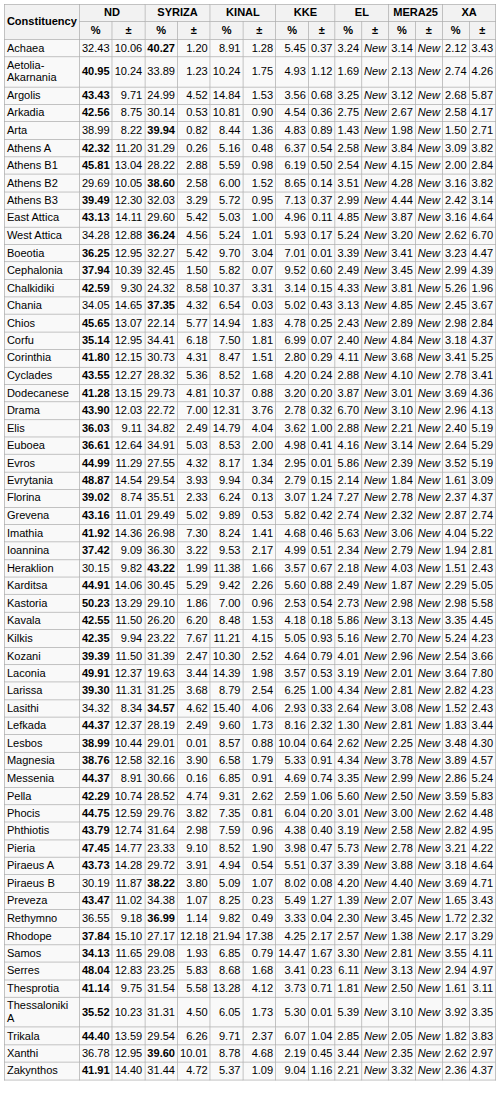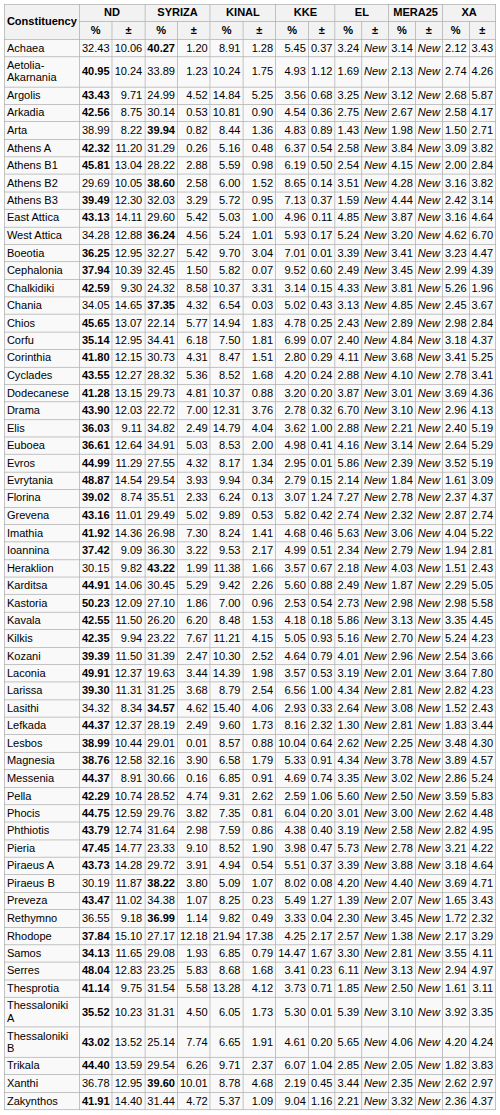 <table class="wikitable sortable" style=text-align:right>
 <tr>
 <th ! rowspan="2">Constituency</th>
 <th colspan="2">ND</th>
 <th colspan="2">SYRIZA</th>
 <th colspan="2">KINAL</th>
 <th colspan="2">KKE</th>
 <th colspan="2">EL</th>
 <th colspan="2">MERA25</th>
 <th colspan="2">XA</th>
 </tr>
 <tr>
 <th>%</th>
 <th>±</th>
 <th>%</th>
 <th>±</th>
 <th>%</th>
 <th>±</th>
 <th>%</th>
 <th>±</th>
 <th>%</th>
 <th>±</th>
 <th>%</th>
 <th>±</th>
 <th>%</th>
 <th>±</th>
 </tr>
 <tr>
 <td align="left">Achaea</td>
 <td>32.43</td>
 <td> 10.06</td>
 <td style="background:"><strong>40.27</strong></td>
 <td> 1.20</td>
 <td>8.91</td>
 <td> 1.28</td>
 <td>5.45</td>
 <td> 0.37</td>
 <td>3.24</td>
 <td><em>New</em></td>
 <td>3.14</td>
 <td><em>New</em></td>
 <td>2.12</td>
 <td> 3.43</td>
 </tr>
 <tr>
 <td align="left">Aetolia-Akarnania</td>
 <td style="background:"><strong>40.95</strong></td>
 <td> 10.24</td>
 <td>33.89</td>
 <td> 1.23</td>
 <td>10.24</td>
 <td> 1.75</td>
 <td>4.93</td>
 <td> 1.12</td>
 <td>1.69</td>
 <td><em>New</em></td>
 <td>2.13</td>
 <td><em>New</em></td>
 <td>2.74</td>
 <td> 4.26</td>
 </tr>
 <tr>
 <td align="left">Argolis</td>
 <td style="background:"><strong>43.43</strong></td>
 <td> 9.71</td>
 <td>24.99</td>
 <td> 4.52</td>
 <td>14.84</td>
-<td> 1.53</td>
+<td> 5.25</td>
 <td>3.56</td>
 <td> 0.68</td>
 <td>3.25</td>
 <td><em>New</em></td>
 <td>3.12</td>
 <td><em>New</em></td>
 <td>2.68</td>
 <td> 5.87</td>
 </tr>
 <tr>
 <td align="left">Arkadia</td>
 <td style="background:"><strong>42.56</strong></td>
 <td> 8.75</td>
 <td>30.14</td>
 <td> 0.53</td>
 <td>10.81</td>
 <td> 0.90</td>
 <td>4.54</td>
 <td> 0.36</td>
 <td>2.75</td>
 <td><em>New</em></td>
 <td>2.67</td>
 <td><em>New</em></td>
 <td>2.58</td>
 <td> 4.17</td>
 </tr>
 <tr>
 <td align="left">Arta</td>
 <td>38.99</td>
 <td> 8.22</td>
 <td style="background:"><strong>39.94</strong></td>
 <td> 0.82</td>
 <td>8.44</td>
 <td> 1.36</td>
 <td>4.83</td>
 <td> 0.89</td>
 <td>1.43</td>
 <td><em>New</em></td>
 <td>1.98</td>
 <td><em>New</em></td>
 <td>1.50</td>
 <td> 2.71</td>
 </tr>
 <tr>
 <td align="left">Athens A</td>
 <td style="background:"><strong>42.32</strong></td>
 <td> 11.20</td>
 <td>31.29</td>
 <td> 0.26</td>
 <td>5.16</td>
 <td> 0.48</td>
 <td>6.37</td>
 <td> 0.54</td>
 <td>2.58</td>
 <td><em>New</em></td>
 <td>3.84</td>
 <td><em>New</em></td>
 <td>3.09</td>
 <td> 3.82</td>
 </tr>
 <tr>
 <td align="left">Athens B1</td>
 <td style="background:"><strong>45.81</strong></td>
 <td> 13.04</td>
 <td>28.22</td>
 <td> 2.88</td>
 <td>5.59</td>
 <td> 0.98</td>
 <td>6.19</td>
 <td> 0.50</td>
 <td>2.54</td>
 <td><em>New</em></td>
 <td>4.15</td>
 <td><em>New</em></td>
 <td>2.00</td>
 <td> 2.84</td>
 </tr>
 <tr>
 <td align="left">Athens B2</td>
 <td>29.69</td>
 <td> 10.05</td>
 <td style="background:"><strong>38.60</strong></td>
 <td> 2.58</td>
 <td>6.00</td>
 <td> 1.52</td>
 <td>8.65</td>
 <td> 0.14</td>
 <td>3.51</td>
 <td><em>New</em></td>
 <td>4.28</td>
 <td><em>New</em></td>
 <td>3.16</td>
 <td> 3.82</td>
 </tr>
 <tr>
 <td align="left">Athens B3</td>
 <td style="background:"><strong>39.49</strong></td>
 <td> 12.30</td>
 <td>32.03</td>
 <td> 3.29</td>
 <td>5.72</td>
 <td> 0.95</td>
 <td>7.13</td>
 <td> 0.37</td>
-<td>2.99</td>
+<td>1.59</td>
 <td><em>New</em></td>
 <td>4.44</td>
 <td><em>New</em></td>
 <td>2.42</td>
 <td> 3.14</td>
 </tr>
 <tr>
 <td align="left">East Attica</td>
 <td style="background:"><strong>43.13</strong></td>
 <td> 14.11</td>
 <td>29.60</td>
 <td> 5.42</td>
 <td>5.03</td>
 <td> 1.00</td>
 <td>4.96</td>
 <td> 0.11</td>
 <td>4.85</td>
 <td><em>New</em></td>
 <td>3.87</td>
 <td><em>New</em></td>
 <td>3.16</td>
 <td> 4.64</td>
 </tr>
 <tr>
 <td align="left">West Attica</td>
 <td>34.28</td>
 <td> 12.88</td>
 <td style="background:"><strong>36.24</strong></td>
 <td> 4.56</td>
 <td>5.24</td>
 <td> 1.01</td>
 <td>5.93</td>
 <td> 0.17</td>
 <td>5.24</td>
 <td><em>New</em></td>
 <td>3.20</td>
 <td><em>New</em></td>
-<td>2.62</td>
+<td>4.62</td>
 <td> 6.70</td>
 </tr>
 <tr>
 <td align="left">Boeotia</td>
 <td style="background:"><strong>36.25</strong></td>
 <td> 12.95</td>
 <td>32.27</td>
 <td> 5.42</td>
 <td>9.70</td>
 <td> 3.04</td>
 <td>7.01</td>
 <td> 0.01</td>
 <td>3.39</td>
 <td><em>New</em></td>
 <td>3.41</td>
 <td><em>New</em></td>
 <td>3.23</td>
 <td> 4.47</td>
 </tr>
 <tr>
 <td align="left">Cephalonia</td>
 <td style="background:"><strong>37.94</strong></td>
 <td> 10.39</td>
 <td>32.45</td>
 <td> 1.50</td>
 <td>5.82</td>
 <td> 0.07</td>
 <td>9.52</td>
 <td> 0.60</td>
 <td>2.49</td>
 <td><em>New</em></td>
 <td>3.45</td>
 <td><em>New</em></td>
 <td>2.99</td>
 <td> 4.39</td>
 </tr>
 <tr>
 <td align="left">Chalkidiki</td>
 <td style="background:"><strong>42.59</strong></td>
 <td> 9.30</td>
 <td>24.32</td>
 <td> 8.58</td>
 <td>10.37</td>
 <td> 3.31</td>
 <td>3.14</td>
 <td> 0.15</td>
 <td>4.33</td>
 <td><em>New</em></td>
 <td>3.81</td>
 <td><em>New</em></td>
 <td>5.26</td>
 <td> 1.96</td>
 </tr>
 <tr>
 <td align="left">Chania</td>
 <td>34.05</td>
 <td> 14.65</td>
 <td style="background:"><strong>37.35</strong></td>
 <td> 4.32</td>
 <td>6.54</td>
 <td> 0.03</td>
 <td>5.02</td>
 <td> 0.43</td>
 <td>3.13</td>
 <td><em>New</em></td>
 <td>4.85</td>
 <td><em>New</em></td>
 <td>2.45</td>
 <td> 3.67</td>
 </tr>
 <tr>
 <td align="left">Chios</td>
 <td style="background:"><strong>45.65</strong></td>
 <td> 13.07</td>
 <td>22.14</td>
 <td> 5.77</td>
 <td>14.94</td>
 <td> 1.83</td>
 <td>4.78</td>
 <td> 0.25</td>
 <td>2.43</td>
 <td><em>New</em></td>
 <td>2.89</td>
 <td><em>New</em></td>
 <td>2.98</td>
 <td> 2.84</td>
 </tr>
 <tr>
 <td align="left">Corfu</td>
 <td style="background:"><strong>35.14</strong></td>
 <td> 12.95</td>
 <td>34.41</td>
 <td> 6.18</td>
 <td>7.50</td>
 <td> 1.81</td>
 <td>6.99</td>
 <td> 0.07</td>
 <td>2.40</td>
 <td><em>New</em></td>
 <td>4.84</td>
 <td><em>New</em></td>
 <td>3.18</td>
 <td> 4.37</td>
 </tr>
 <tr>
 <td align="left">Corinthia</td>
 <td style="background:"><strong>41.80</strong></td>
 <td> 12.15</td>
 <td>30.73</td>
 <td> 4.31</td>
 <td>8.47</td>
 <td> 1.51</td>
 <td>2.80</td>
 <td> 0.29</td>
 <td>4.11</td>
 <td><em>New</em></td>
 <td>3.68</td>
 <td><em>New</em></td>
 <td>3.41</td>
 <td> 5.25</td>
 </tr>
 <tr>
 <td align="left">Cyclades</td>
 <td style="background:"><strong>43.55</strong></td>
 <td> 12.27</td>
 <td>28.32</td>
 <td> 5.36</td>
 <td>8.52</td>
 <td> 1.68</td>
 <td>4.20</td>
 <td> 0.24</td>
 <td>2.88</td>
 <td><em>New</em></td>
 <td>4.10</td>
 <td><em>New</em></td>
 <td>2.78</td>
 <td> 3.41</td>
 </tr>
 <tr>
 <td align="left">Dodecanese</td>
 <td style="background:"><strong>41.28</strong></td>
 <td> 13.15</td>
 <td>29.73</td>
 <td> 4.81</td>
 <td>10.37</td>
 <td> 0.88</td>
 <td>3.20</td>
 <td> 0.20</td>
 <td>3.87</td>
 <td><em>New</em></td>
 <td>3.01</td>
 <td><em>New</em></td>
 <td>3.69</td>
 <td> 4.36</td>
 </tr>
 <tr>
 <td align="left">Drama</td>
 <td style="background:"><strong>43.90</strong></td>
 <td> 12.03</td>
 <td>22.72</td>
 <td> 7.00</td>
 <td>12.31</td>
 <td> 3.76</td>
 <td>2.78</td>
 <td> 0.32</td>
 <td>6.70</td>
 <td><em>New</em></td>
 <td>3.10</td>
 <td><em>New</em></td>
 <td>2.96</td>
 <td> 4.13</td>
 </tr>
 <tr>
 <td align="left">Elis</td>
 <td style="background:"><strong>36.03</strong></td>
 <td> 9.11</td>
 <td>34.82</td>
 <td> 2.49</td>
 <td>14.79</td>
 <td> 4.04</td>
 <td>3.62</td>
 <td> 1.00</td>
 <td>2.88</td>
 <td><em>New</em></td>
 <td>2.21</td>
 <td><em>New</em></td>
 <td>2.40</td>
 <td> 5.19</td>
 </tr>
 <tr>
 <td align="left">Euboea</td>
 <td style="background:"><strong>36.61</strong></td>
 <td> 12.64</td>
 <td>34.91</td>
 <td> 5.03</td>
 <td>8.53</td>
 <td> 2.00</td>
 <td>4.98</td>
 <td> 0.41</td>
 <td>4.16</td>
 <td><em>New</em></td>
 <td>3.14</td>
 <td><em>New</em></td>
 <td>2.64</td>
 <td> 5.29</td>
 </tr>
 <tr>
 <td align="left">Evros</td>
 <td style="background:"><strong>44.99</strong></td>
 <td> 11.29</td>
 <td>27.55</td>
 <td> 4.32</td>
 <td>8.17</td>
 <td> 1.34</td>
 <td>2.95</td>
 <td> 0.01</td>
 <td>5.86</td>
 <td><em>New</em></td>
 <td>2.39</td>
 <td><em>New</em></td>
 <td>3.52</td>
 <td> 5.19</td>
 </tr>
 <tr>
 <td align="left">Evrytania</td>
 <td style="background:"><strong>48.87</strong></td>
 <td> 14.54</td>
 <td>29.54</td>
 <td> 3.93</td>
 <td>9.94</td>
 <td> 0.34</td>
 <td>2.79</td>
 <td> 0.15</td>
 <td>2.14</td>
 <td><em>New</em></td>
 <td>1.84</td>
 <td><em>New</em></td>
 <td>1.61</td>
 <td> 3.09</td>
 </tr>
 <tr>
 <td align="left">Florina</td>
 <td style="background:"><strong>39.02</strong></td>
 <td> 8.74</td>
 <td>35.51</td>
 <td> 2.33</td>
 <td>6.24</td>
 <td> 0.13</td>
 <td>3.07</td>
 <td> 1.24</td>
 <td>7.27</td>
 <td><em>New</em></td>
 <td>2.78</td>
 <td><em>New</em></td>
 <td>2.37</td>
 <td> 4.37</td>
 </tr>
 <tr>
 <td align="left">Grevena</td>
 <td style="background:"><strong>43.16</strong></td>
 <td> 11.01</td>
 <td>29.49</td>
 <td> 5.02</td>
 <td>9.89</td>
 <td> 0.53</td>
 <td>5.82</td>
 <td> 0.42</td>
 <td>2.74</td>
 <td><em>New</em></td>
 <td>2.32</td>
 <td><em>New</em></td>
 <td>2.87</td>
 <td> 2.74</td>
 </tr>
 <tr>
 <td align="left">Imathia</td>
 <td style="background:"><strong>41.92</strong></td>
 <td> 14.36</td>
 <td>26.98</td>
 <td> 7.30</td>
 <td>8.24</td>
 <td> 1.41</td>
 <td>4.68</td>
 <td> 0.46</td>
 <td>5.63</td>
 <td><em>New</em></td>
 <td>3.06</td>
 <td><em>New</em></td>
 <td>4.04</td>
 <td> 5.22</td>
 </tr>
 <tr>
 <td align="left">Ioannina</td>
 <td style="background:"><strong>37.42</strong></td>
 <td> 9.09</td>
 <td>36.30</td>
 <td> 3.22</td>
 <td>9.53</td>
 <td> 2.17</td>
 <td>4.99</td>
 <td> 0.51</td>
 <td>2.34</td>
 <td><em>New</em></td>
 <td>2.79</td>
 <td><em>New</em></td>
 <td>1.94</td>
 <td> 2.81</td>
 </tr>
 <tr>
 <td align="left">Heraklion</td>
 <td>30.15</td>
 <td> 9.82</td>
 <td style="background:"><strong>43.22</strong></td>
 <td> 1.99</td>
 <td>11.38</td>
 <td> 1.66</td>
 <td>3.57</td>
 <td> 0.67</td>
 <td>2.18</td>
 <td><em>New</em></td>
 <td>4.03</td>
 <td><em>New</em></td>
 <td>1.51</td>
 <td> 2.43</td>
 </tr>
 <tr>
 <td align="left">Karditsa</td>
 <td style="background:"><strong>44.91</strong></td>
 <td> 14.06</td>
 <td>30.45</td>
 <td> 5.29</td>
 <td>9.42</td>
 <td> 2.26</td>
 <td>5.60</td>
 <td> 0.88</td>
 <td>2.49</td>
 <td><em>New</em></td>
 <td>1.87</td>
 <td><em>New</em></td>
 <td>2.29</td>
 <td> 5.05</td>
 </tr>
 <tr>
 <td align="left">Kastoria</td>
 <td style="background:"><strong>50.23</strong></td>
-<td> 13.29</td>
-<td>29.10</td>
+<td> 12.09</td>
+<td>27.10</td>
 <td> 1.86</td>
 <td>7.00</td>
 <td> 0.96</td>
 <td>2.53</td>
 <td> 0.54</td>
 <td>2.73</td>
 <td><em>New</em></td>
 <td>2.98</td>
 <td><em>New</em></td>
 <td>2.98</td>
 <td> 5.58</td>
 </tr>
 <tr>
 <td align="left">Kavala</td>
 <td style="background:"><strong>42.55</strong></td>
 <td> 11.50</td>
 <td>26.20</td>
 <td> 6.20</td>
 <td>8.48</td>
 <td> 1.53</td>
 <td>4.18</td>
 <td> 0.18</td>
 <td>5.86</td>
 <td><em>New</em></td>
 <td>3.13</td>
 <td><em>New</em></td>
 <td>3.35</td>
 <td> 4.45</td>
 </tr>
 <tr>
 <td align="left">Kilkis</td>
 <td style="background:"><strong>42.35</strong></td>
 <td> 9.94</td>
 <td>23.22</td>
 <td> 7.67</td>
 <td>11.21</td>
 <td> 4.15</td>
 <td>5.05</td>
 <td> 0.93</td>
 <td>5.16</td>
 <td><em>New</em></td>
 <td>2.70</td>
 <td><em>New</em></td>
 <td>5.24</td>
 <td> 4.23</td>
 </tr>
 <tr>
 <td align="left">Kozani</td>
 <td style="background:"><strong>39.39</strong></td>
 <td> 11.50</td>
 <td>31.39</td>
 <td> 2.47</td>
 <td>10.30</td>
 <td> 2.52</td>
 <td>4.64</td>
 <td> 0.79</td>
 <td>4.01</td>
 <td><em>New</em></td>
 <td>2.96</td>
 <td><em>New</em></td>
 <td>2.54</td>
 <td> 3.66</td>
 </tr>
 <tr>
 <td align="left">Laconia</td>
 <td style="background:"><strong>49.91</strong></td>
 <td> 12.37</td>
 <td>19.63</td>
 <td> 3.44</td>
 <td>14.39</td>
 <td> 1.98</td>
 <td>3.57</td>
 <td> 0.53</td>
 <td>3.19</td>
 <td><em>New</em></td>
 <td>2.01</td>
 <td><em>New</em></td>
 <td>3.64</td>
 <td> 7.80</td>
 </tr>
 <tr>
 <td align="left">Larissa</td>
 <td style="background:"><strong>39.30</strong></td>
 <td> 11.31</td>
 <td>31.25</td>
 <td> 3.68</td>
 <td>8.79</td>
 <td> 2.54</td>
-<td>6.25</td>
+<td>6.56</td>
 <td> 1.00</td>
 <td>4.34</td>
 <td><em>New</em></td>
 <td>2.81</td>
 <td><em>New</em></td>
 <td>2.82</td>
 <td> 4.23</td>
 </tr>
 <tr>
 <td align="left">Lasithi</td>
 <td>34.32</td>
 <td> 8.34</td>
 <td style="background:"><strong>34.57</strong></td>
 <td> 4.62</td>
 <td>15.40</td>
 <td> 4.06</td>
 <td>2.93</td>
 <td> 0.33</td>
 <td>2.64</td>
 <td><em>New</em></td>
 <td>3.08</td>
 <td><em>New</em></td>
 <td>1.52</td>
 <td> 2.43</td>
 </tr>
 <tr>
 <td align="left">Lefkada</td>
 <td style="background:"><strong>44.37</strong></td>
 <td> 12.37</td>
 <td>28.19</td>
 <td> 2.49</td>
 <td>9.60</td>
 <td> 1.73</td>
 <td>8.16</td>
 <td> 2.32</td>
 <td>1.30</td>
 <td><em>New</em></td>
 <td>2.81</td>
 <td><em>New</em></td>
 <td>1.83</td>
 <td> 3.44</td>
 </tr>
 <tr>
 <td align="left">Lesbos</td>
 <td style="background:"><strong>38.99</strong></td>
 <td> 10.44</td>
 <td>29.01</td>
 <td> 0.01</td>
 <td>8.57</td>
 <td> 0.88</td>
 <td>10.04</td>
 <td> 0.64</td>
 <td>2.62</td>
 <td><em>New</em></td>
 <td>2.25</td>
 <td><em>New</em></td>
 <td>3.48</td>
 <td> 4.30</td>
 </tr>
 <tr>
 <td align="left">Magnesia</td>
 <td style="background:"><strong>38.76</strong></td>
 <td> 12.58</td>
 <td>32.16</td>
 <td> 3.90</td>
 <td>6.58</td>
 <td> 1.79</td>
 <td>5.33</td>
 <td> 0.91</td>
 <td>4.34</td>
 <td><em>New</em></td>
 <td>3.78</td>
 <td><em>New</em></td>
 <td>3.89</td>
 <td> 4.57</td>
 </tr>
 <tr>
 <td align="left">Messenia</td>
 <td style="background:"><strong>44.37</strong></td>
 <td> 8.91</td>
 <td>30.66</td>
 <td> 0.16</td>
 <td>6.85</td>
 <td> 0.91</td>
 <td>4.69</td>
 <td> 0.74</td>
 <td>3.35</td>
 <td><em>New</em></td>
-<td>2.99</td>
+<td>3.02</td>
 <td><em>New</em></td>
 <td>2.86</td>
 <td> 5.24</td>
 </tr>
 <tr>
 <td align="left">Pella</td>
 <td style="background:"><strong>42.29</strong></td>
 <td> 10.74</td>
 <td>28.52</td>
 <td> 4.74</td>
 <td>9.31</td>
 <td> 2.62</td>
 <td>2.59</td>
 <td> 1.06</td>
 <td>5.60</td>
 <td><em>New</em></td>
 <td>2.50</td>
 <td><em>New</em></td>
 <td>3.59</td>
 <td> 5.83</td>
 </tr>
 <tr>
 <td align="left">Phocis</td>
 <td style="background:"><strong>44.75</strong></td>
 <td> 12.59</td>
 <td>29.76</td>
 <td> 3.82</td>
 <td>7.35</td>
 <td> 0.81</td>
 <td>6.04</td>
 <td> 0.20</td>
 <td>3.01</td>
 <td><em>New</em></td>
 <td>3.00</td>
 <td><em>New</em></td>
 <td>2.62</td>
 <td> 4.48</td>
 </tr>
 <tr>
 <td align="left">Phthiotis</td>
 <td style="background:"><strong>43.79</strong></td>
 <td> 12.74</td>
 <td>31.64</td>
 <td> 2.98</td>
 <td>7.59</td>
-<td> 0.96</td>
+<td> 0.86</td>
 <td>4.38</td>
 <td> 0.40</td>
 <td>3.19</td>
 <td><em>New</em></td>
 <td>2.58</td>
 <td><em>New</em></td>
 <td>2.82</td>
 <td> 4.95</td>
 </tr>
 <tr>
 <td align="left">Pieria</td>
 <td style="background:"><strong>47.45</strong></td>
 <td> 14.77</td>
 <td>23.33</td>
 <td> 9.10</td>
 <td>8.52</td>
 <td> 1.90</td>
 <td>3.98</td>
 <td> 0.47</td>
 <td>5.73</td>
 <td><em>New</em></td>
 <td>2.78</td>
 <td><em>New</em></td>
 <td>3.21</td>
 <td> 4.22</td>
 </tr>
 <tr>
 <td align="left">Piraeus A</td>
 <td style="background:"><strong>43.73</strong></td>
 <td> 14.28</td>
 <td>29.72</td>
 <td> 3.91</td>
 <td>4.94</td>
 <td> 0.54</td>
 <td>5.51</td>
 <td> 0.37</td>
 <td>3.39</td>
 <td><em>New</em></td>
 <td>3.88</td>
 <td><em>New</em></td>
 <td>3.18</td>
 <td> 4.64</td>
 </tr>
 <tr>
 <td align="left">Piraeus B</td>
 <td>30.19</td>
 <td> 11.87</td>
 <td style="background:"><strong>38.22</strong></td>
 <td> 3.80</td>
 <td>5.09</td>
 <td> 1.07</td>
 <td>8.02</td>
 <td> 0.08</td>
 <td>4.20</td>
 <td><em>New</em></td>
 <td>4.40</td>
 <td><em>New</em></td>
 <td>3.69</td>
 <td> 4.71</td>
 </tr>
 <tr>
 <td align="left">Preveza</td>
 <td style="background:"><strong>43.47</strong></td>
 <td> 11.02</td>
 <td>34.38</td>
 <td> 1.07</td>
 <td>8.25</td>
 <td> 0.23</td>
 <td>5.49</td>
 <td> 1.27</td>
 <td>1.39</td>
 <td><em>New</em></td>
 <td>2.07</td>
 <td><em>New</em></td>
 <td>1.65</td>
 <td> 3.43</td>
 </tr>
 <tr>
 <td align="left">Rethymno</td>
 <td>36.55</td>
 <td> 9.18</td>
 <td style="background:"><strong>36.99</strong></td>
 <td> 1.14</td>
 <td>9.82</td>
 <td> 0.49</td>
 <td>3.33</td>
 <td> 0.04</td>
 <td>2.30</td>
 <td><em>New</em></td>
 <td>3.45</td>
 <td><em>New</em></td>
 <td>1.72</td>
 <td> 2.32</td>
 </tr>
 <tr>
 <td align="left">Rhodope</td>
 <td style="background:"><strong>37.84</strong></td>
 <td> 15.10</td>
 <td>27.17</td>
 <td> 12.18</td>
 <td>21.94</td>
 <td> 17.38</td>
 <td>4.25</td>
 <td> 2.17</td>
 <td>2.57</td>
 <td><em>New</em></td>
 <td>1.38</td>
 <td><em>New</em></td>
 <td>2.17</td>
 <td> 3.29</td>
 </tr>
 <tr>
 <td align="left">Samos</td>
 <td style="background:"><strong>34.13</strong></td>
 <td> 11.65</td>
 <td>29.08</td>
 <td> 1.93</td>
 <td>6.85</td>
 <td> 0.79</td>
 <td>14.47</td>
 <td> 1.67</td>
 <td>3.30</td>
 <td><em>New</em></td>
 <td>2.81</td>
 <td><em>New</em></td>
 <td>3.55</td>
 <td> 4.11</td>
 </tr>
 <tr>
 <td align="left">Serres</td>
 <td style="background:"><strong>48.04</strong></td>
 <td> 12.83</td>
 <td>23.25</td>
 <td> 5.83</td>
 <td>8.68</td>
 <td> 1.68</td>
 <td>3.41</td>
 <td> 0.23</td>
 <td>6.11</td>
 <td><em>New</em></td>
 <td>3.13</td>
 <td><em>New</em></td>
 <td>2.94</td>
 <td> 4.97</td>
 </tr>
 <tr>
 <td align="left">Thesprotia</td>
 <td style="background:"><strong>41.14</strong></td>
 <td> 9.75</td>
 <td>31.54</td>
 <td> 5.58</td>
 <td>13.28</td>
 <td> 4.12</td>
 <td>3.73</td>
 <td> 0.71</td>
-<td>1.81</td>
+<td>1.85</td>
 <td><em>New</em></td>
 <td>2.50</td>
 <td><em>New</em></td>
 <td>1.61</td>
 <td> 3.11</td>
 </tr>
 <tr>
 <td align="left">Thessaloniki A</td>
 <td style="background:"><strong>35.52</strong></td>
 <td> 10.23</td>
 <td>31.31</td>
 <td> 4.50</td>
 <td>6.05</td>
 <td> 1.73</td>
 <td>5.30</td>
 <td> 0.01</td>
 <td>5.39</td>
 <td><em>New</em></td>
 <td>3.10</td>
 <td><em>New</em></td>
 <td>3.92</td>
 <td> 3.35</td>
+</tr>
+<tr>
+<td align="left">Thessaloniki B</td>
+<td style="background:"><strong>43.02</strong></td>
+<td> 13.52</td>
+<td>25.14</td>
+<td> 7.74</td>
+<td>6.65</td>
+<td> 1.91</td>
+<td>4.61</td>
+<td> 0.20</td>
+<td>5.65</td>
+<td><em>New</em></td>
+<td>4.06</td>
+<td><em>New</em></td>
+<td>4.20</td>
+<td> 4.24</td>
 </tr>
 <tr>
 <td align="left">Trikala</td>
 <td style="background:"><strong>44.40</strong></td>
 <td> 13.59</td>
 <td>29.54</td>
 <td> 6.26</td>
 <td>9.71</td>
 <td> 2.37</td>
 <td>6.07</td>
 <td> 1.04</td>
 <td>2.85</td>
 <td><em>New</em></td>
 <td>2.05</td>
 <td><em>New</em></td>
 <td>1.82</td>
 <td> 3.83</td>
 </tr>
 <tr>
 <td align="left">Xanthi</td>
 <td>36.78</td>
 <td> 12.95</td>
 <td style="background:"><strong>39.60</strong></td>
 <td> 10.01</td>
 <td>8.78</td>
 <td> 4.68</td>
 <td>2.19</td>
 <td> 0.45</td>
 <td>3.44</td>
 <td><em>New</em></td>
 <td>2.35</td>
 <td><em>New</em></td>
 <td>2.62</td>
 <td> 2.97</td>
 </tr>
 <tr>
 <td align="left">Zakynthos</td>
 <td style="background:"><strong>41.91</strong></td>
 <td> 14.40</td>
 <td>31.44</td>
 <td> 4.72</td>
 <td>5.37</td>
 <td> 1.09</td>
 <td>9.04</td>
 <td> 1.16</td>
 <td>2.21</td>
 <td><em>New</em></td>
 <td>3.32</td>
 <td><em>New</em></td>
 <td>2.36</td>
 <td> 4.37</td>
 </tr>
 </table>
